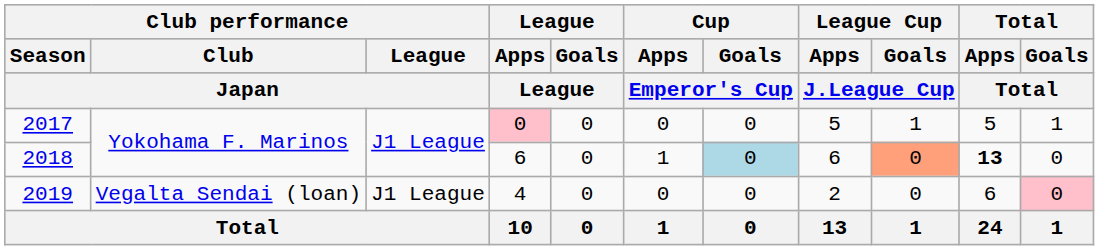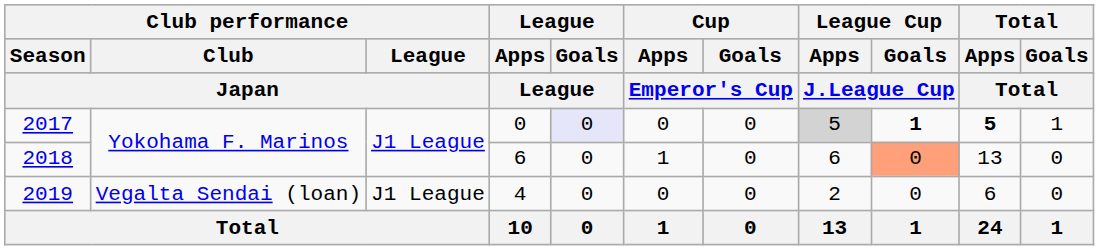 <table class="wikitable" style="text-align:center;">
 <tr>
 <th colspan=3>Club performance</th>
 <th colspan=2>League</th>
 <th colspan=2>Cup</th>
 <th colspan=2>League Cup</th>
 <th colspan=2>Total</th>
 </tr>
 <tr>
 <th>Season</th>
 <th>Club</th>
 <th>League</th>
 <th>Apps</th>
 <th>Goals</th>
 <th>Apps</th>
 <th>Goals</th>
 <th>Apps</th>
 <th>Goals</th>
 <th>Apps</th>
 <th>Goals</th>
 </tr>
 <tr>
 <th colspan=3>Japan</th>
 <th colspan=2>League</th>
 <th colspan=2><a href='#'>Emperor's Cup</a></th>
 <th colspan=2><a href='#'>J.League Cup</a></th>
 <th colspan=2>Total</th>
 </tr>
 <tr>
 <td><a href='#'>2017</a></td>
 <td rowspan="2"><a href='#'>Yokohama F. Marinos</a></td>
 <td rowspan="2"><a href='#'>J1 League</a></td>
-<td style="background: pink;">0</td>
+<td>0</td>
+<td style="background: lavender;">0</td>
 <td>0</td>
 <td>0</td>
-<td>0</td>
-<td>5</td>
-<td>1</td>
-<td>5</td>
+<td style="background: lightgrey;">5</td>
+<td><strong>1</strong></td>
+<td><strong>5</strong></td>
 <td>1</td>
 </tr>
 <tr>
 <td><a href='#'>2018</a></td>
 <td>6</td>
 <td>0</td>
 <td>1</td>
-<td style="background: lightblue;">0</td>
+<td>0</td>
 <td>6</td>
 <td style="background: lightsalmon;">0</td>
-<td><strong>13</strong></td>
+<td>13</td>
 <td>0</td>
 </tr>
 <tr>
 <td><a href='#'>2019</a></td>
 <td><a href='#'>Vegalta Sendai</a> (loan)</td>
 <td>J1 League</td>
 <td>4</td>
 <td>0</td>
 <td>0</td>
 <td>0</td>
 <td>2</td>
 <td>0</td>
 <td>6</td>
-<td style="background: pink;">0</td>
+<td>0</td>
 </tr>
 <tr>
 <th colspan=3>Total</th>
 <th>10</th>
 <th>0</th>
 <th>1</th>
 <th>0</th>
 <th>13</th>
 <th>1</th>
 <th>24</th>
 <th>1</th>
 </tr>
 </table>
